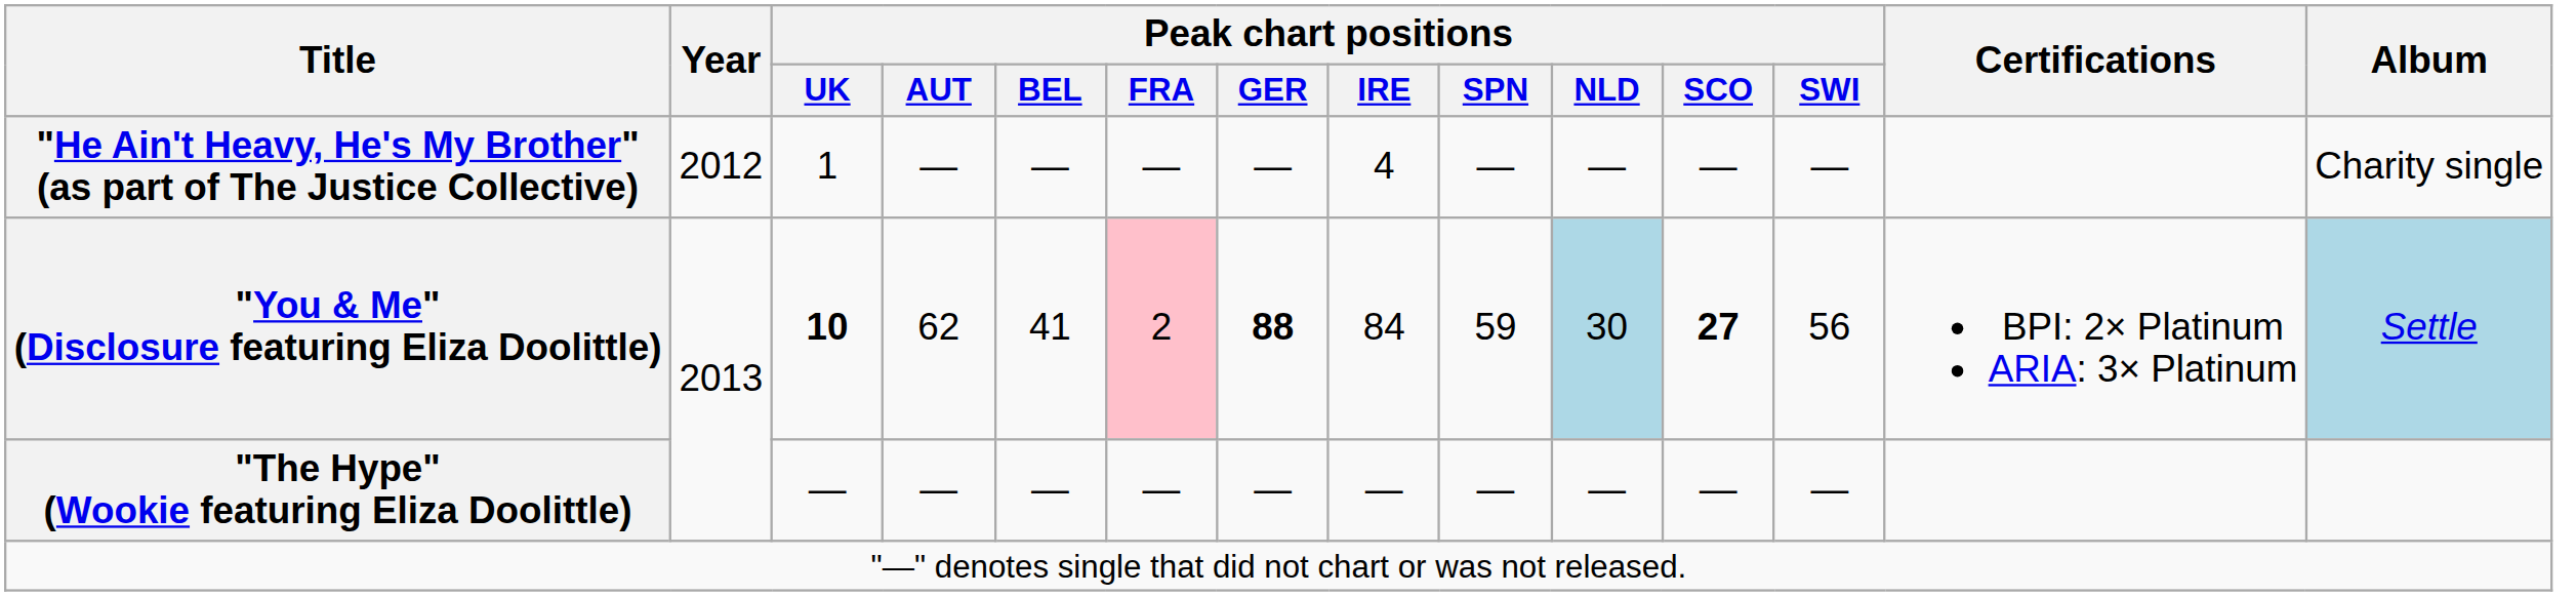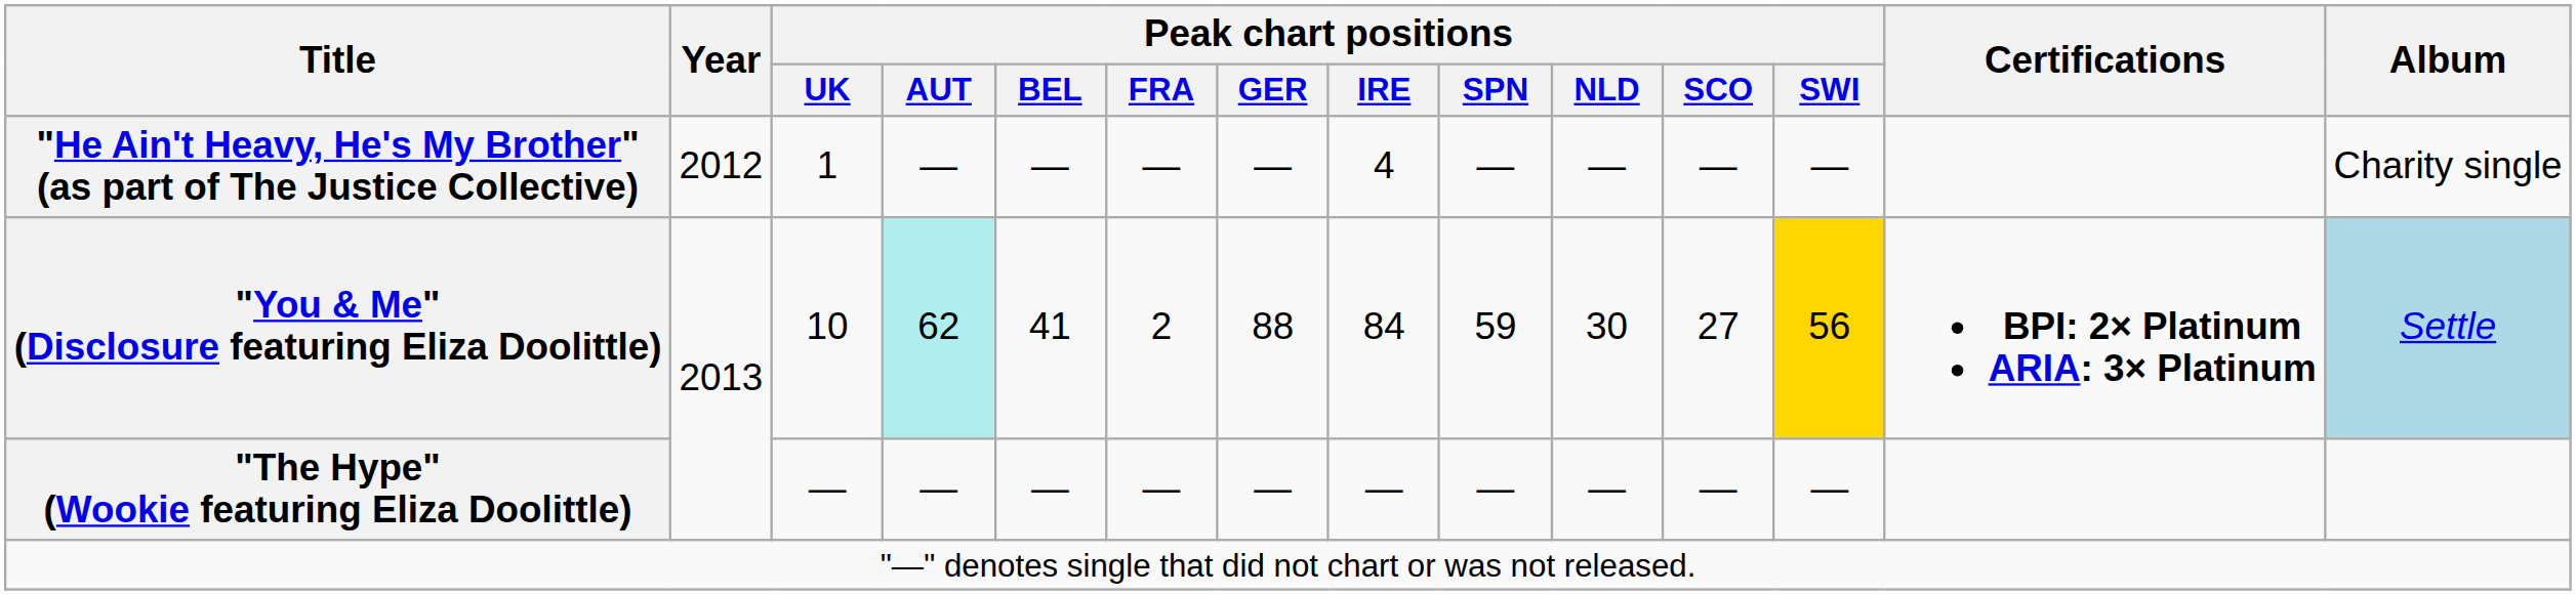 <table class="wikitable plainrowheaders" style="text-align:center;">
 <tr>
 <th scope="col" rowspan="2">Title</th>
 <th scope="col" rowspan="2">Year</th>
 <th scope="col" colspan="10">Peak chart positions</th>
 <th scope="col" rowspan="2">Certifications</th>
 <th scope="col" rowspan="2">Album</th>
 </tr>
 <tr>
 <th scope="col" style="width:3em;font-size:85%;"><a href='#'>UK</a><br></th>
 <th scope="col" style="width:3em;font-size:85%;"><a href='#'>AUT</a></th>
 <th scope="col" style="width:3em;font-size:85%;"><a href='#'>BEL</a><br></th>
 <th scope="col" style="width:3em;font-size:85%;"><a href='#'>FRA</a><br></th>
 <th scope="col" style="width:3em;font-size:85%;"><a href='#'>GER</a></th>
 <th scope="col" style="width:3em;font-size:85%;"><a href='#'>IRE</a><br></th>
 <th scope="col" style="width:3em;font-size:85%;"><a href='#'>SPN</a><br></th>
 <th scope="col" style="width:3em;font-size:85%;"><a href='#'>NLD</a></th>
 <th scope="col" style="width:3em;font-size:85%;"><a href='#'>SCO</a></th>
 <th scope="col" style="width:3em;font-size:85%;"><a href='#'>SWI</a><br></th>
 </tr>
 <tr>
 <th scope="row">"<a href='#'>He Ain't Heavy, He's My Brother</a>"<br><span>(as part of The Justice Collective)</span></th>
 <td>2012</td>
 <td>1</td>
 <td>—</td>
 <td>—</td>
 <td>—</td>
 <td>—</td>
 <td>4</td>
 <td>—</td>
 <td>—</td>
 <td>—</td>
 <td>—</td>
 <td></td>
 <td>Charity single</td>
 </tr>
 <tr>
 <th scope="row">"<a href='#'>You & Me</a>"<br><span>(<a href='#'>Disclosure</a> featuring Eliza Doolittle)</span></th>
 <td rowspan="2">2013</td>
-<td><strong>10</strong></td>
-<td>62</td>
+<td>10</td>
+<td style="background: paleturquoise;">62</td>
 <td>41</td>
-<td style="background: pink;">2</td>
-<td><strong>88</strong></td>
+<td>2</td>
+<td>88</td>
 <td>84</td>
 <td>59</td>
-<td style="background: lightblue;">30</td>
-<td><strong>27</strong></td>
-<td>56</td>
-<td><br><ul><li>BPI: 2× Platinum</li><li><a href='#'>ARIA</a>: 3× Platinum</li></ul></td>
+<td>30</td>
+<td>27</td>
+<td style="background: gold;">56</td>
+<td><strong><br><ul><li>BPI: 2× Platinum</li><li><a href='#'>ARIA</a>: 3× Platinum</li></ul></strong></td>
 <td style="background: lightblue;"><em><a href='#'>Settle</a></em></td>
 </tr>
 <tr>
 <th scope="row">"The Hype"<br><span>(<a href='#'>Wookie</a> featuring Eliza Doolittle)</span></th>
 <td>—</td>
 <td>—</td>
 <td>—</td>
 <td>—</td>
 <td>—</td>
 <td>—</td>
 <td>—</td>
 <td>—</td>
 <td>—</td>
 <td>—</td>
 <td></td>
 <td></td>
 </tr>
 <tr>
 <td colspan="14" style="font-size:85%">"—" denotes single that did not chart or was not released.</td>
 </tr>
 </table>
